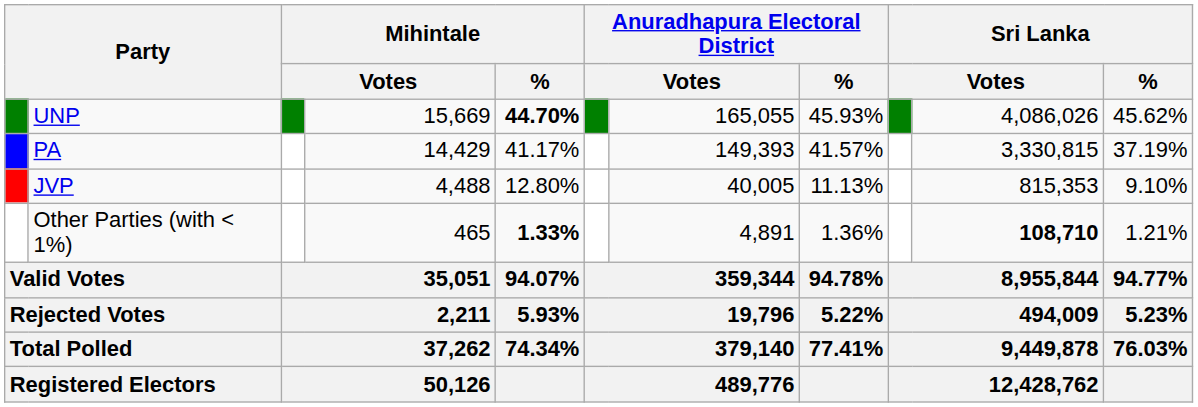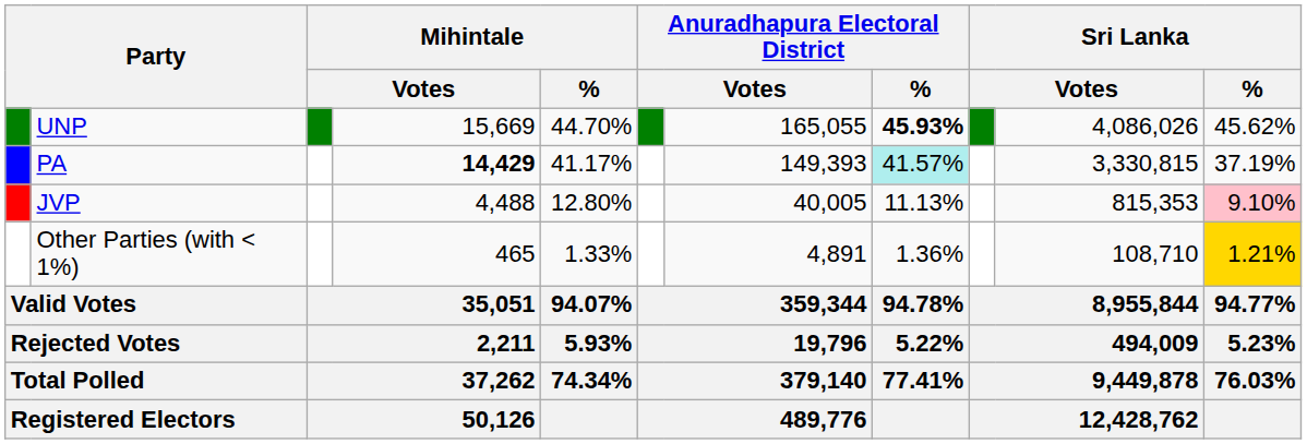 <table class="wikitable">
 <tr>
 <th colspan="2" width="144px"rowspan="2">Party</th>
 <th colspan="3" width="216px">Mihintale</th>
 <th colspan="3" width="216px"><a href='#'>Anuradhapura Electoral District</a></th>
 <th colspan="3" width="216px">Sri Lanka</th>
 </tr>
 <tr>
 <th colspan="2" width="144px">Votes</th>
 <th>%</th>
 <th colspan="2" width="144px">Votes</th>
 <th>%</th>
 <th colspan="2" width="144px">Votes</th>
 <th>%</th>
 </tr>
 <tr>
 <td style="background-color:green;" width="10px"></td>
 <td style="text-align:left;"><a href='#'>UNP</a></td>
 <td style="background-color:green;" width="10px"></td>
 <td style="text-align:right;">15,669</td>
-<td style="text-align:right;"><strong>44.70%</strong></td>
+<td style="text-align:right;">44.70%</td>
 <td style="background-color:green;" width="10px"></td>
 <td style="text-align:right;">165,055</td>
-<td style="text-align:right;">45.93%</td>
+<td style="text-align:right;"><strong>45.93%</strong></td>
 <td style="background-color:green;" width="10px"></td>
 <td style="text-align:right;">4,086,026</td>
 <td style="text-align:right;">45.62%</td>
 </tr>
 <tr>
 <td style="background-color:blue;" width="10px"></td>
 <td style="text-align:left;"><a href='#'>PA</a></td>
 <td style="background-color:white;" width="10px"></td>
-<td style="text-align:right;">14,429</td>
+<td style="text-align:right;"><strong>14,429</strong></td>
 <td style="text-align:right;">41.17%</td>
 <td style="background-color:white;" width="10px"></td>
 <td style="text-align:right;">149,393</td>
-<td style="text-align:right;">41.57%</td>
+<td style="background: paleturquoise; text-align:right;">41.57%</td>
 <td style="background-color:white;" width="10px"></td>
 <td style="text-align:right;">3,330,815</td>
 <td style="text-align:right;">37.19%</td>
 </tr>
 <tr>
 <td style="background-color:red;" width="10px"></td>
 <td style="text-align:left;"><a href='#'>JVP</a></td>
 <td style="background-color:white;" width="10px"></td>
 <td style="text-align:right;">4,488</td>
 <td style="text-align:right;">12.80%</td>
 <td style="background-color:white;" width="10px"></td>
 <td style="text-align:right;">40,005</td>
 <td style="text-align:right;">11.13%</td>
 <td style="background-color:white;" width="10px"></td>
 <td style="text-align:right;">815,353</td>
-<td style="text-align:right;">9.10%</td>
+<td style="background: pink; text-align:right;">9.10%</td>
 </tr>
 <tr>
 <td style="background-color:white;" width="10px"></td>
 <td style="text-align:left;">Other Parties (with < 1%)</td>
 <td style="background-color:white;" width="10px"></td>
 <td style="text-align:right;">465</td>
-<td style="text-align:right;"><strong>1.33%</strong></td>
+<td style="text-align:right;">1.33%</td>
 <td style="background-color:white;" width="10px"></td>
 <td style="text-align:right;">4,891</td>
 <td style="text-align:right;">1.36%</td>
 <td style="background-color:white;" width="10px"></td>
-<td style="text-align:right;"><strong>108,710</strong></td>
-<td style="text-align:right;">1.21%</td>
+<td style="text-align:right;">108,710</td>
+<td style="background: gold; text-align:right;">1.21%</td>
 </tr>
 <tr>
 <th colspan="2" width="144px"style="text-align:left;">Valid Votes</th>
 <th style="text-align:right;"colspan="2" width="144px">35,051</th>
 <th style="text-align:right;">94.07%</th>
 <th style="text-align:right;"colspan="2" width="144px">359,344</th>
 <th style="text-align:right;">94.78%</th>
 <th style="text-align:right;"colspan="2" width="144px">8,955,844</th>
 <th style="text-align:right;">94.77%</th>
 </tr>
 <tr>
 <th colspan="2" width="144px"style="text-align:left;">Rejected Votes</th>
 <th style="text-align:right;"colspan="2" width="144px">2,211</th>
 <th style="text-align:right;">5.93%</th>
 <th style="text-align:right;"colspan="2" width="144px">19,796</th>
 <th style="text-align:right;">5.22%</th>
 <th style="text-align:right;"colspan="2" width="144px">494,009</th>
 <th style="text-align:right;">5.23%</th>
 </tr>
 <tr>
 <th colspan="2" width="144px"style="text-align:left;">Total Polled</th>
 <th style="text-align:right;"colspan="2" width="144px">37,262</th>
 <th style="text-align:right;">74.34%</th>
 <th style="text-align:right;"colspan="2" width="144px">379,140</th>
 <th style="text-align:right;">77.41%</th>
 <th style="text-align:right;"colspan="2" width="144px">9,449,878</th>
 <th style="text-align:right;">76.03%</th>
 </tr>
 <tr>
 <th colspan="2" width="144px"style="text-align:left;">Registered Electors</th>
 <th style="text-align:right;"colspan="2" width="144px">50,126</th>
 <th></th>
 <th style="text-align:right;"colspan="2" width="144px">489,776</th>
 <th></th>
 <th style="text-align:right;"colspan="2" width="144px">12,428,762</th>
 <th></th>
 </tr>
 </table>
